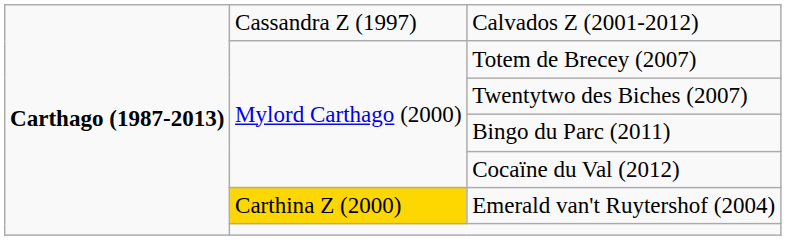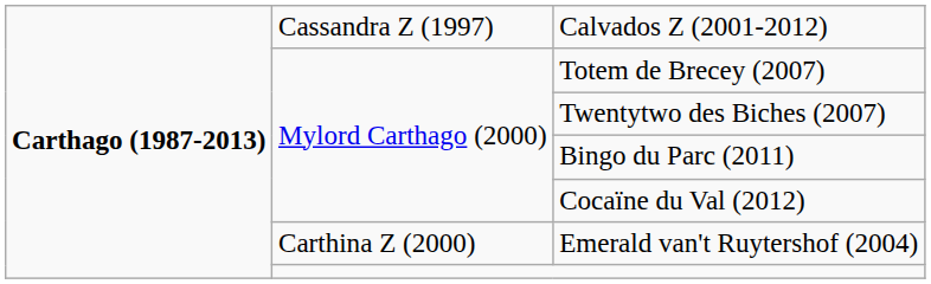 <table class="wikitable">
 <tr>
 <td rowspan="7"><strong>Carthago (1987-2013)</strong></td>
 <td>Cassandra Z (1997)</td>
 <td>Calvados Z (2001-2012)</td>
 </tr>
 <tr>
 <td rowspan="4"><a href='#'>Mylord Carthago</a> (2000)</td>
 <td>Totem de Brecey (2007)</td>
 </tr>
 <tr>
 <td>Twentytwo des Biches (2007)</td>
 </tr>
 <tr>
 <td>Bingo du Parc (2011)</td>
 </tr>
 <tr>
 <td>Cocaïne du Val (2012)</td>
 </tr>
 <tr>
-<td style="background: gold;">Carthina Z (2000)</td>
+<td>Carthina Z (2000)</td>
 <td>Emerald van't Ruytershof (2004)</td>
 </tr>
 <tr>
 <td colspan="2"></td>
 </tr>
 </table>
